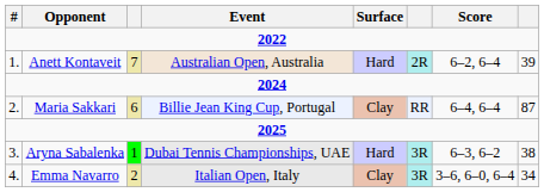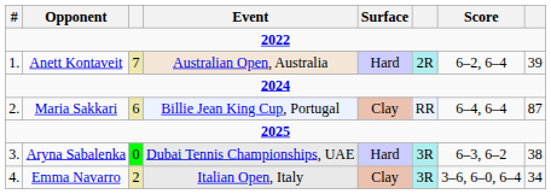 <table class="wikitable sortable">
 <tr align="center">
 <th>#</th>
 <th>Opponent</th>
 <th></th>
 <th>Event</th>
 <th>Surface</th>
 <th></th>
 <th>Score</th>
 <th></th>
 </tr>
 <tr>
 <td colspan=8 style=text-align:center><strong><a href='#'>2022</a></strong></td>
 </tr>
 <tr align="center">
 <td>1.</td>
 <td> <a href='#'>Anett Kontaveit</a></td>
 <td style="background:#eee8aa;">7</td>
 <td bgcolor=#f3e6d7><a href='#'>Australian Open</a>, Australia</td>
 <td bgcolor=#ccccff>Hard</td>
 <td bgcolor=#afeeee>2R</td>
 <td>6–2, 6–4</td>
 <td>39</td>
 </tr>
 <tr>
 <td colspan=9 style=text-align:center><strong><a href='#'>2024</a></strong></td>
 </tr>
 <tr align="center">
 <td>2.</td>
 <td> <a href='#'>Maria Sakkari</a></td>
 <td style="background:#eee8aa;">6</td>
 <td style="background:#ecf2ff"><a href='#'>Billie Jean King Cup</a>, Portugal</td>
 <td style="background:#ebc2af">Clay</td>
 <td style="background:#ecf2ff">RR</td>
 <td>6–4, 6–4</td>
 <td>87</td>
 </tr>
 <tr>
 <td colspan=8 style=text-align:center><strong><a href='#'>2025</a></strong></td>
 </tr>
 <tr align="center">
 <td>3.</td>
 <td> <a href='#'>Aryna Sabalenka</a></td>
-<td style="background:lime">1</td>
+<td style="background:lime">0</td>
 <td style="background:#e9e9e9;"><a href='#'>Dubai Tennis Championships</a>, UAE</td>
 <td style="background:#ccccff">Hard</td>
 <td style="background:#afeeee">3R</td>
 <td>6–3, 6–2</td>
 <td>38</td>
 </tr>
 <tr align="center">
 <td>4.</td>
 <td> <a href='#'>Emma Navarro</a></td>
 <td style="background:#eee8aa;">2</td>
 <td bgcolor="e9e9e9"><a href='#'>Italian Open</a>, Italy</td>
 <td bgcolor="#ebc2af">Clay</td>
 <td bgcolor="afeeee">3R</td>
 <td>3–6, 6–0, 6–4</td>
 <td>34</td>
 </tr>
 </table>
